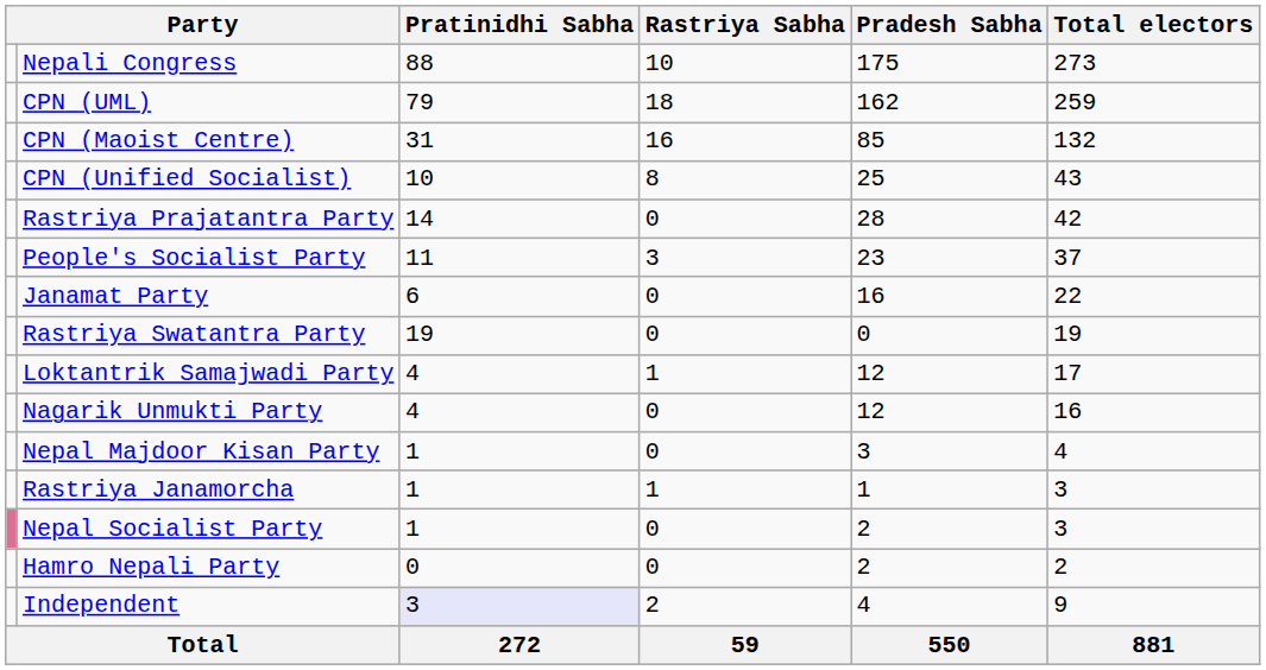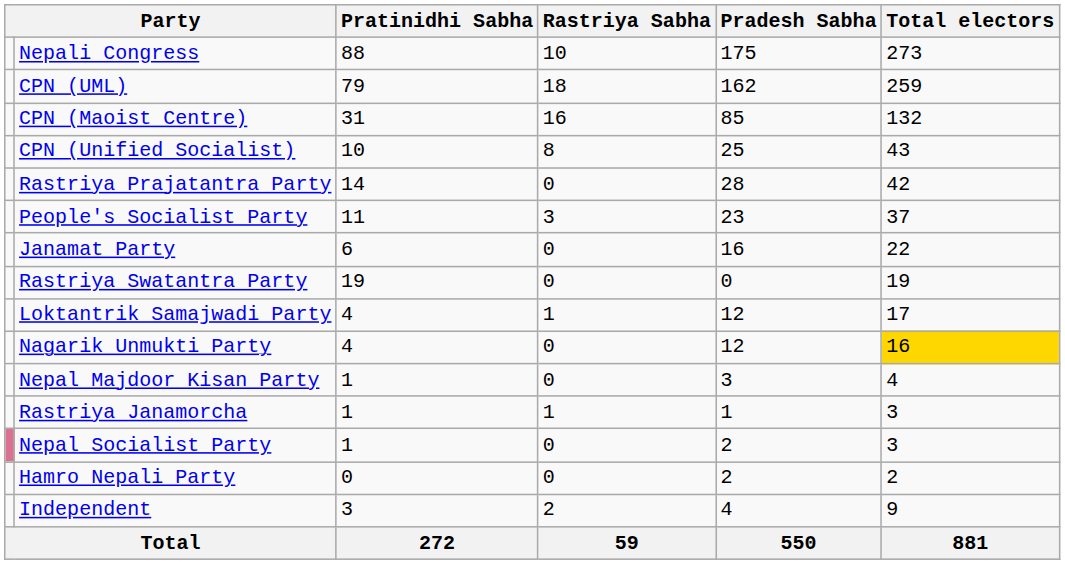 <table class="wikitable">
 <tr>
 <th colspan="2">Party</th>
 <th>Pratinidhi Sabha</th>
 <th>Rastriya Sabha</th>
 <th>Pradesh Sabha</th>
 <th>Total electors</th>
 </tr>
 <tr>
 <td><br></td>
 <td><a href='#'>Nepali Congress</a></td>
 <td>88</td>
 <td>10</td>
 <td>175</td>
 <td>273</td>
 </tr>
 <tr>
 <td><br></td>
 <td><a href='#'>CPN (UML)</a></td>
 <td>79</td>
 <td>18</td>
 <td>162</td>
 <td>259</td>
 </tr>
 <tr>
 <td><br></td>
 <td><a href='#'>CPN (Maoist Centre)</a></td>
 <td>31</td>
 <td>16</td>
 <td>85</td>
 <td>132</td>
 </tr>
 <tr>
 <td><br></td>
 <td><a href='#'>CPN (Unified Socialist)</a></td>
 <td>10</td>
 <td>8</td>
 <td>25</td>
 <td>43</td>
 </tr>
 <tr>
 <td><br></td>
 <td><a href='#'>Rastriya Prajatantra Party</a></td>
 <td>14</td>
 <td>0</td>
 <td>28</td>
 <td>42</td>
 </tr>
 <tr>
 <td><br></td>
 <td><a href='#'>People's Socialist Party</a></td>
 <td>11</td>
 <td>3</td>
 <td>23</td>
 <td>37</td>
 </tr>
 <tr>
 <td><br></td>
 <td><a href='#'>Janamat Party</a></td>
 <td>6</td>
 <td>0</td>
 <td>16</td>
 <td>22</td>
 </tr>
 <tr>
 <td><br></td>
 <td><a href='#'>Rastriya Swatantra Party</a></td>
 <td>19</td>
 <td>0</td>
 <td>0</td>
 <td>19</td>
 </tr>
 <tr>
 <td><br></td>
 <td><a href='#'>Loktantrik Samajwadi Party</a></td>
 <td>4</td>
 <td>1</td>
 <td>12</td>
 <td>17</td>
 </tr>
 <tr>
 <td><br></td>
 <td><a href='#'>Nagarik Unmukti Party</a></td>
 <td>4</td>
 <td>0</td>
 <td>12</td>
-<td>16</td>
+<td style="background: gold;">16</td>
 </tr>
 <tr>
 <td><br></td>
 <td><a href='#'>Nepal Majdoor Kisan Party</a></td>
 <td>1</td>
 <td>0</td>
 <td>3</td>
 <td>4</td>
 </tr>
 <tr>
 <td><br></td>
 <td><a href='#'>Rastriya Janamorcha</a></td>
 <td>1</td>
 <td>1</td>
 <td>1</td>
 <td>3</td>
 </tr>
 <tr>
 <td bgcolor="palevioletred"></td>
 <td><a href='#'>Nepal Socialist Party</a></td>
 <td>1</td>
 <td>0</td>
 <td>2</td>
 <td>3</td>
 </tr>
 <tr>
 <td><br></td>
 <td><a href='#'>Hamro Nepali Party</a></td>
 <td>0</td>
 <td>0</td>
 <td>2</td>
 <td>2</td>
 </tr>
 <tr>
 <td><br></td>
 <td><a href='#'>Independent</a></td>
-<td style="background: lavender;">3</td>
+<td>3</td>
 <td>2</td>
 <td>4</td>
 <td>9</td>
 </tr>
 <tr>
 <th colspan="2">Total</th>
 <th>272</th>
 <th>59</th>
 <th>550</th>
 <th>881</th>
 </tr>
 </table>
